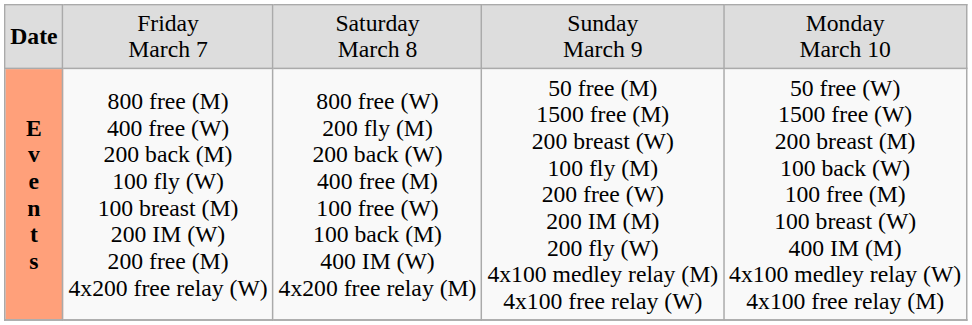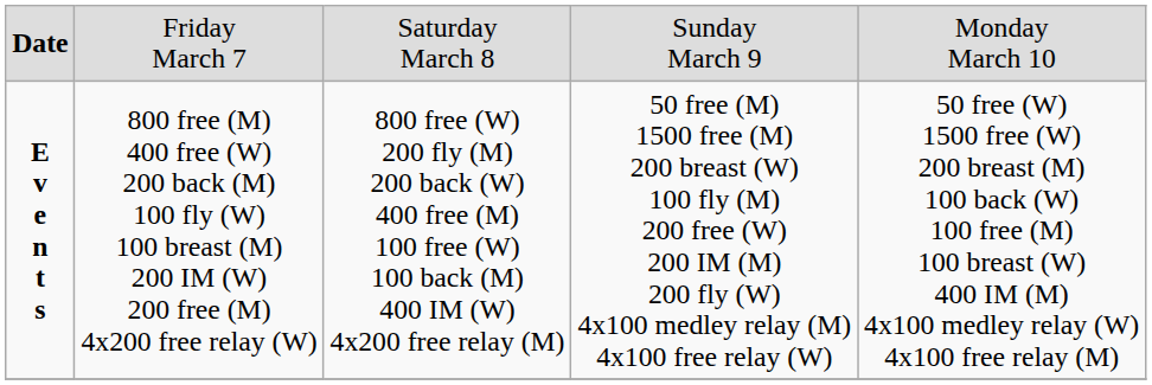 <table class=wikitable style="text-align:center">
 <tr>
 <td bgcolor=#DDDDDD><strong>Date</strong></td>
 <td bgcolor=#DDDDDD>Friday <br> March 7</td>
 <td bgcolor=#DDDDDD>Saturday <br> March 8</td>
 <td bgcolor=#DDDDDD>Sunday <br> March 9</td>
 <td bgcolor=#DDDDDD>Monday <br> March 10</td>
 </tr>
 <tr>
-<td style="background: lightsalmon;"><strong>E<br>v<br>e<br>n<br>t<br>s</strong></td>
+<td><strong>E<br>v<br>e<br>n<br>t<br>s</strong></td>
 <td>800 free (M) <br> 400 free (W) <br> 200 back (M) <br> 100 fly (W) <br> 100 breast (M) <br> 200 IM (W) <br> 200 free (M) <br> 4x200 free relay (W)</td>
 <td>800 free (W) <br> 200 fly (M) <br> 200 back (W) <br> 400 free (M) <br> 100 free (W) <br> 100 back (M) <br> 400 IM (W) <br> 4x200 free relay (M)</td>
 <td>50 free (M) <br> 1500 free (M) <br> 200 breast (W) <br> 100 fly (M) <br> 200 free (W) <br> 200 IM (M) <br> 200 fly (W) <br> 4x100 medley relay (M) <br> 4x100 free relay (W)</td>
 <td>50 free (W) <br> 1500 free (W) <br> 200 breast (M) <br> 100 back (W) <br> 100 free (M) <br> 100 breast (W) <br> 400 IM (M) <br> 4x100 medley relay (W) <br> 4x100 free relay (M)</td>
 </tr>
 <tr>
 </tr>
 </table>
